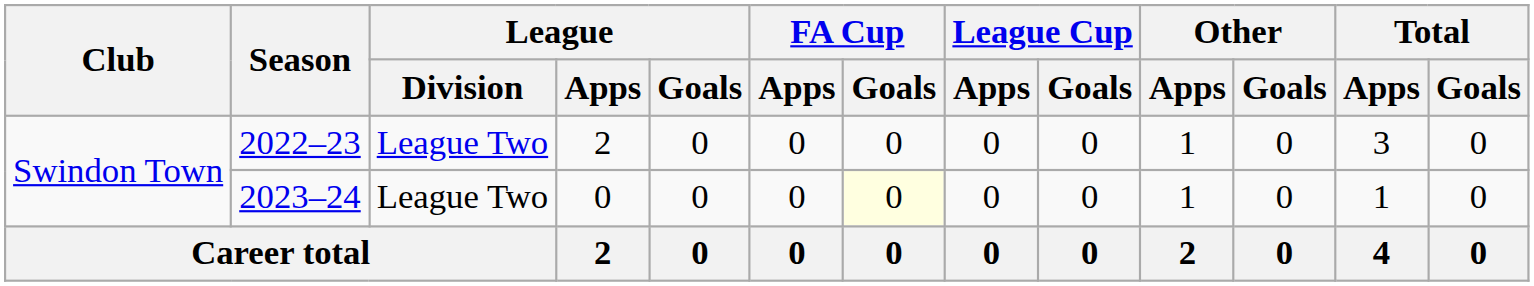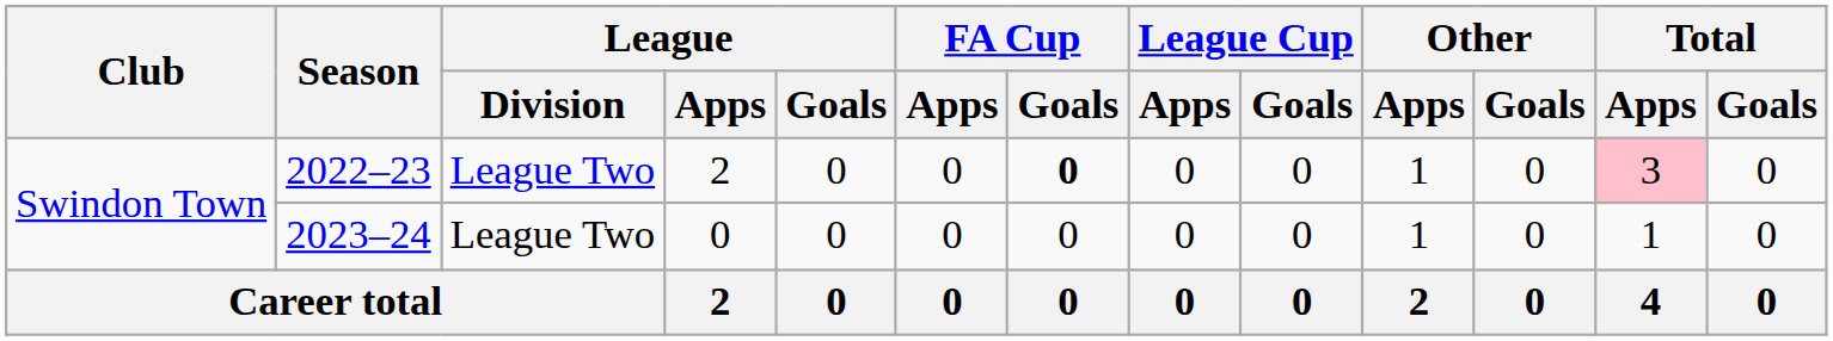 <table class="wikitable" style="text-align:center">
 <tr>
 <th rowspan="2">Club</th>
 <th rowspan="2">Season</th>
 <th colspan="3">League</th>
 <th colspan="2"><a href='#'>FA Cup</a></th>
 <th colspan="2"><a href='#'>League Cup</a></th>
 <th colspan="2">Other</th>
 <th colspan="2">Total</th>
 </tr>
 <tr>
 <th>Division</th>
 <th>Apps</th>
 <th>Goals</th>
 <th>Apps</th>
 <th>Goals</th>
 <th>Apps</th>
 <th>Goals</th>
 <th>Apps</th>
 <th>Goals</th>
 <th>Apps</th>
 <th>Goals</th>
 </tr>
 <tr>
 <td rowspan="2"><a href='#'>Swindon Town</a></td>
 <td><a href='#'>2022–23</a></td>
 <td><a href='#'>League Two</a></td>
 <td>2</td>
 <td>0</td>
 <td>0</td>
-<td>0</td>
+<td><strong>0</strong></td>
 <td>0</td>
 <td>0</td>
 <td>1</td>
 <td>0</td>
-<td>3</td>
+<td style="background: pink;">3</td>
 <td>0</td>
 </tr>
 <tr>
 <td><a href='#'>2023–24</a></td>
 <td>League Two</td>
 <td>0</td>
 <td>0</td>
 <td>0</td>
-<td style="background: lightyellow;">0</td>
+<td>0</td>
 <td>0</td>
 <td>0</td>
 <td>1</td>
 <td>0</td>
 <td>1</td>
 <td>0</td>
 </tr>
 <tr>
 <th colspan=3>Career total</th>
 <th>2</th>
 <th>0</th>
 <th>0</th>
 <th>0</th>
 <th>0</th>
 <th>0</th>
 <th>2</th>
 <th>0</th>
 <th>4</th>
 <th>0</th>
 </tr>
 </table>
